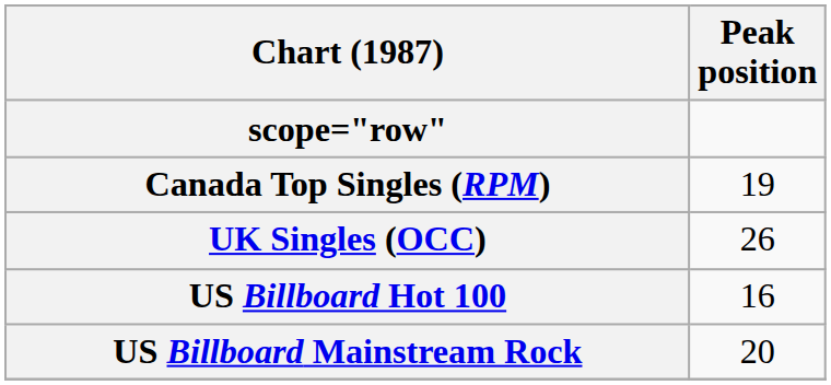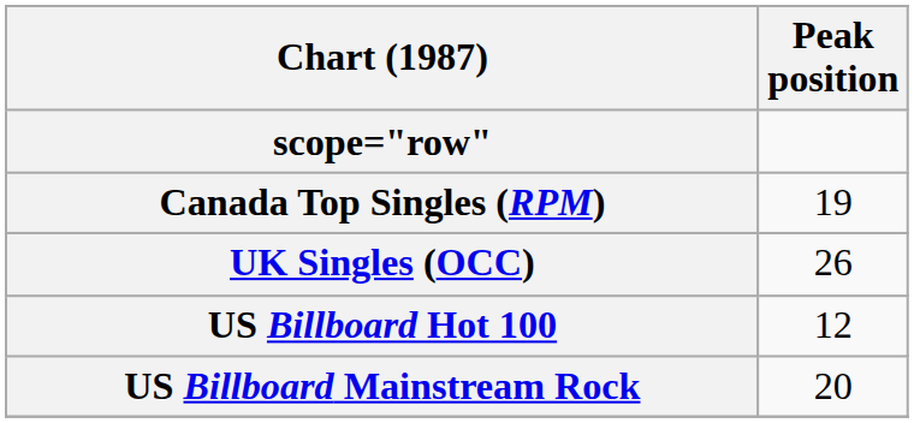 <table class="wikitable sortable plainrowheaders" style="text-align:center;">
 <tr>
 <th scope="col" style="width:19em">Chart (1987)</th>
 <th scope="col">Peak<br>position</th>
 </tr>
 <tr>
 <th>scope="row"</th>
 </tr>
 <tr>
 <th scope="row">Canada Top Singles (<em><a href='#'>RPM</a></em>)</th>
 <td>19</td>
 </tr>
 <tr>
 <th scope="row"><a href='#'>UK Singles</a> (<a href='#'>OCC</a>)</th>
 <td>26</td>
 </tr>
 <tr>
 <th scope="row">US <a href='#'><em>Billboard</em> Hot 100</a></th>
-<td>16</td>
+<td>12</td>
 </tr>
 <tr>
 <th scope="row">US <a href='#'><em>Billboard</em> Mainstream Rock</a></th>
 <td>20</td>
 </tr>
 <tr>
 </tr>
 </table>
